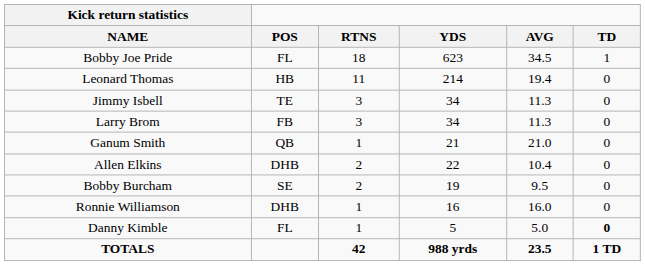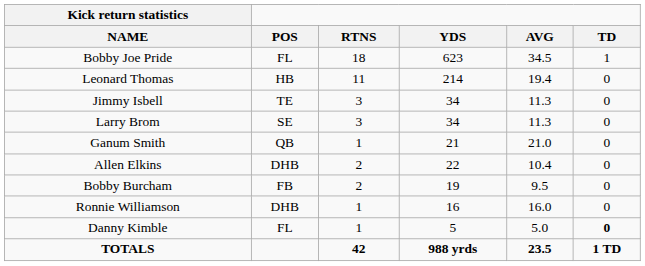 <table style="width:60%; text-align:center;" class="wikitable ">
 <tr>
 <th style="text-align:center; ">Kick return statistics</th>
 </tr>
 <tr>
 <th>NAME</th>
 <th>POS</th>
 <th>RTNS</th>
 <th>YDS</th>
 <th>AVG</th>
 <th>TD</th>
 </tr>
 <tr>
 <td>Bobby Joe Pride</td>
 <td>FL</td>
 <td>18</td>
 <td>623</td>
 <td>34.5</td>
 <td>1</td>
 </tr>
 <tr>
 <td>Leonard Thomas</td>
 <td>HB</td>
 <td>11</td>
 <td>214</td>
 <td>19.4</td>
 <td>0</td>
 </tr>
 <tr>
 <td>Jimmy Isbell</td>
 <td>TE</td>
 <td>3</td>
 <td>34</td>
 <td>11.3</td>
 <td>0</td>
 </tr>
 <tr>
 <td>Larry Brom</td>
-<td>FB</td>
+<td>SE</td>
 <td>3</td>
 <td>34</td>
 <td>11.3</td>
 <td>0</td>
 </tr>
 <tr>
 <td>Ganum Smith</td>
 <td>QB</td>
 <td>1</td>
 <td>21</td>
 <td>21.0</td>
 <td>0</td>
 </tr>
 <tr>
 <td>Allen Elkins</td>
 <td>DHB</td>
 <td>2</td>
 <td>22</td>
 <td>10.4</td>
 <td>0</td>
 </tr>
 <tr>
 <td>Bobby Burcham</td>
-<td>SE</td>
+<td>FB</td>
 <td>2</td>
 <td>19</td>
 <td>9.5</td>
 <td>0</td>
 </tr>
 <tr>
 <td>Ronnie Williamson</td>
 <td>DHB</td>
 <td>1</td>
 <td>16</td>
 <td>16.0</td>
 <td>0</td>
 </tr>
 <tr>
 <td>Danny Kimble</td>
 <td>FL</td>
 <td>1</td>
 <td>5</td>
 <td>5.0</td>
 <td><strong>0</strong></td>
 </tr>
 <tr>
 <td><strong>TOTALS</strong></td>
 <td></td>
 <td><strong>42</strong></td>
 <td><strong>988 yrds</strong></td>
 <td><strong>23.5</strong></td>
 <td><strong>1 TD</strong></td>
 </tr>
 </table>
